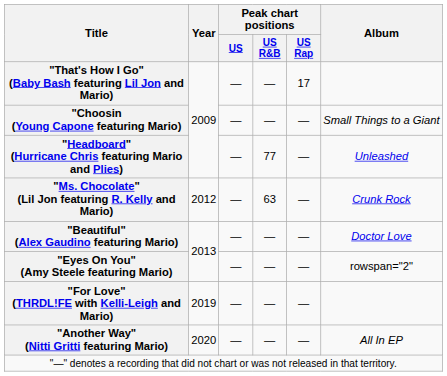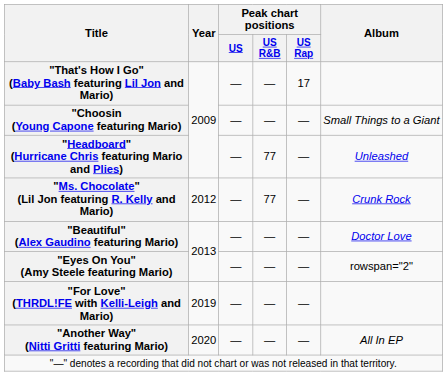 <table class="wikitable plainrowheaders" style="text-align:center;">
 <tr>
 <th scope="col" rowspan="2" style="width:16em;">Title</th>
 <th scope="col" rowspan="2">Year</th>
 <th scope="col" colspan="3">Peak chart positions</th>
 <th scope="col" rowspan="2">Album</th>
 </tr>
 <tr>
 <th scope="col" style="width:2.9em;font-size:90%;"><a href='#'>US</a></th>
 <th scope="col" style="width:2.9em;font-size:90%;"><a href='#'>US R&B</a><br></th>
 <th scope="col" style="width:2.9em;font-size:90%;"><a href='#'>US Rap</a><br></th>
 </tr>
 <tr>
 <th scope="row">"That's How I Go"<br><span>(<a href='#'>Baby Bash</a> featuring <a href='#'>Lil Jon</a> and Mario)</span></th>
 <td rowspan="3">2009</td>
 <td>—</td>
 <td>—</td>
 <td>17</td>
 <td></td>
 </tr>
 <tr>
 <th scope="row">"Choosin<br><span>(<a href='#'>Young Capone</a> featuring Mario)</span></th>
 <td>—</td>
 <td>—</td>
 <td>—</td>
 <td><em>Small Things to a Giant</em></td>
 </tr>
 <tr>
 <th scope="row">"<a href='#'>Headboard</a>"<br><span>(<a href='#'>Hurricane Chris</a> featuring Mario and <a href='#'>Plies</a>)</span></th>
 <td>—</td>
 <td>77</td>
 <td>—</td>
 <td><em><a href='#'>Unleashed</a></em></td>
 </tr>
 <tr>
 <th scope="row">"<a href='#'>Ms. Chocolate</a>"<br><span>(Lil Jon featuring <a href='#'>R. Kelly</a> and Mario)</span></th>
 <td>2012</td>
 <td>—</td>
-<td>63</td>
+<td>77</td>
 <td>—</td>
 <td><em><a href='#'>Crunk Rock</a></em></td>
 </tr>
 <tr>
 <th scope="row">"Beautiful"<br><span>(<a href='#'>Alex Gaudino</a> featuring Mario)</span></th>
 <td rowspan="2">2013</td>
 <td>—</td>
 <td>—</td>
 <td>—</td>
 <td><em><a href='#'>Doctor Love</a></em></td>
 </tr>
 <tr>
 <th scope="row">"Eyes On You"<br><span>(Amy Steele featuring Mario)</span></th>
 <td>—</td>
 <td>—</td>
 <td>—</td>
 <td>rowspan="2" </td>
 </tr>
 <tr>
 <th scope="row">"For Love"<br><span>(<a href='#'>THRDL!FE</a> with <a href='#'>Kelli-Leigh</a> and Mario)</span></th>
 <td>2019</td>
 <td>—</td>
 <td>—</td>
 <td>—</td>
 </tr>
 <tr>
 <th scope="row">"Another Way"<br><span>(<a href='#'>Nitti Gritti</a> featuring Mario)</span></th>
 <td>2020</td>
 <td>—</td>
 <td>—</td>
 <td>—</td>
 <td><em>All In EP</em></td>
 </tr>
 <tr>
 <td colspan="6" style="font-size:90%">"—" denotes a recording that did not chart or was not released in that territory.</td>
 </tr>
 </table>
